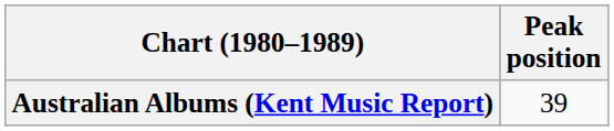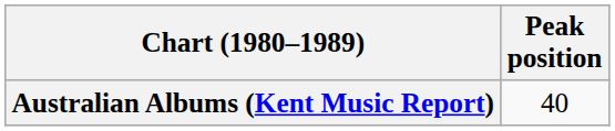 <table class="wikitable plainrowheaders sortable" style="text-align:center">
 <tr>
 <th scope="col">Chart (1980–1989)</th>
 <th scope="col">Peak<br>position</th>
 </tr>
 <tr>
 <th scope="row">Australian Albums (<a href='#'>Kent Music Report</a>)</th>
-<td>39</td>
+<td>40</td>
 </tr>
 </table>
